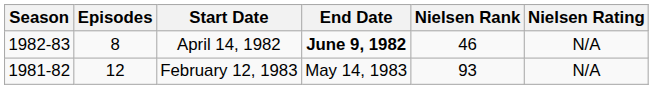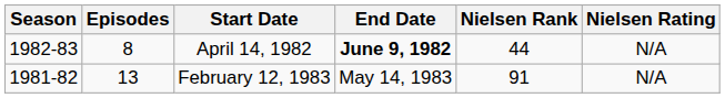 <table class="wikitable" style="text-align: center">
 <tr>
 <th>Season</th>
 <th>Episodes</th>
 <th>Start Date</th>
 <th>End Date</th>
 <th>Nielsen Rank</th>
 <th>Nielsen Rating</th>
 </tr>
 <tr>
 <td style="text-align:center">1982-83</td>
 <td style="text-align:center">8</td>
 <td style="text-align:center">April 14, 1982</td>
 <td style="text-align:center"><strong>June 9, 1982</strong></td>
-<td style="text-align:center:">46</td>
+<td style="text-align:center:">44</td>
 <td style="text-align:center">N/A</td>
 </tr>
 <tr>
 <td style="text-align:center">1981-82</td>
-<td style="text-align:center">12</td>
+<td style="text-align:center">13</td>
 <td style="text-align:center">February 12, 1983</td>
 <td style="text-align:center">May 14, 1983</td>
-<td style="text-align:center:">93</td>
+<td style="text-align:center:">91</td>
 <td style="text-align:center">N/A</td>
 </tr>
 </table>
